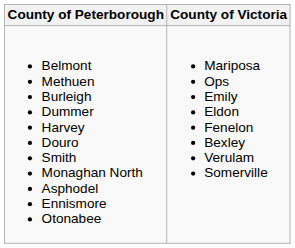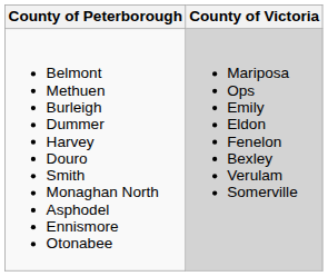 <table class="wikitable">
 <tr>
 <th>County of Peterborough</th>
 <th>County of Victoria</th>
 </tr>
 <tr valign="top">
 <td><br><ul><li>Belmont</li><li>Methuen</li><li>Burleigh</li><li>Dummer</li><li>Harvey</li><li>Douro</li><li>Smith</li><li>Monaghan North</li><li>Asphodel</li><li>Ennismore</li><li>Otonabee</li></ul></td>
-<td><br><ul><li>Mariposa</li><li>Ops</li><li>Emily</li><li>Eldon</li><li>Fenelon</li><li>Bexley</li><li>Verulam</li><li>Somerville</li></ul></td>
+<td style="background: lightgrey;"><br><ul><li>Mariposa</li><li>Ops</li><li>Emily</li><li>Eldon</li><li>Fenelon</li><li>Bexley</li><li>Verulam</li><li>Somerville</li></ul></td>
 </tr>
 </table>
